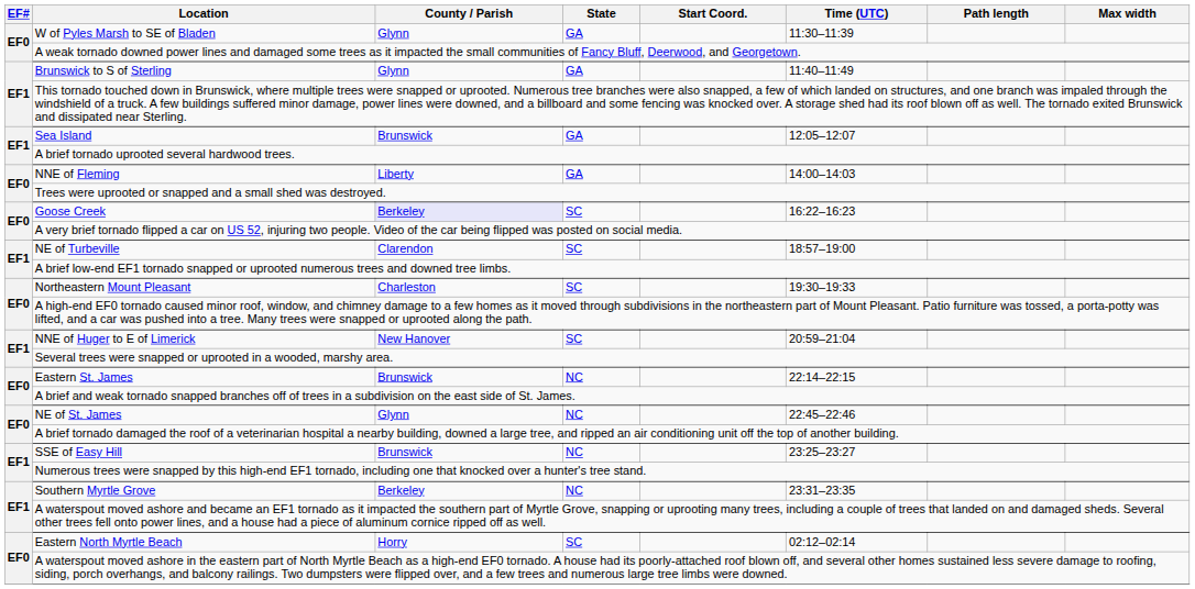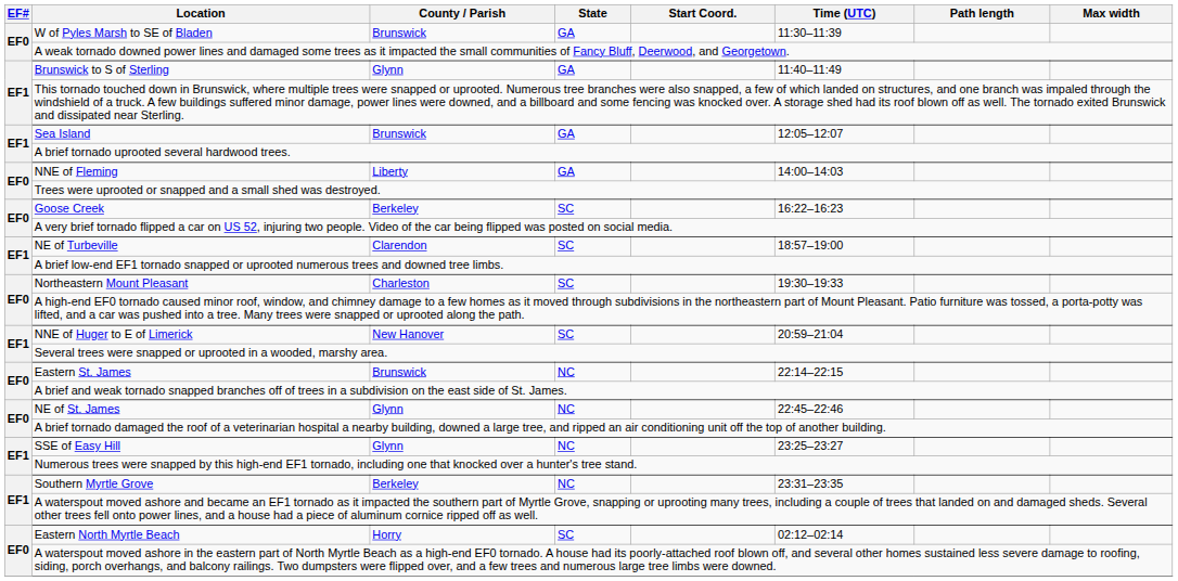 <table class="wikitable sortable" style="width:100%;">
 <tr>
 <th scope="col" width="2%" align="center"><a href='#'>EF#</a></th>
 <th scope="col" align="center" class="unsortable">Location</th>
 <th scope="col" align="center" class="unsortable">County / Parish</th>
 <th scope="col" align="center">State</th>
 <th scope="col" align="center">Start Coord.</th>
 <th scope="col" align="center">Time (<a href='#'>UTC</a>)</th>
 <th scope="col" align="center">Path length</th>
 <th scope="col" align="center">Max width</th>
 </tr>
 <tr>
 <th scope="row" rowspan="2" style="background-color:#">EF0</th>
 <td>W of <a href='#'>Pyles Marsh</a> to SE of <a href='#'>Bladen</a></td>
-<td><a href='#'>Glynn</a></td>
+<td><a href='#'>Brunswick</a></td>
 <td><a href='#'>GA</a></td>
 <td></td>
 <td>11:30–11:39</td>
 <td></td>
 <td></td>
 </tr>
 <tr class="expand-child">
 <td colspan="8" style=" border-bottom: 1px solid black;">A weak tornado downed power lines and damaged some trees as it impacted the small communities of <a href='#'>Fancy Bluff</a>, <a href='#'>Deerwood</a>, and <a href='#'>Georgetown</a>.</td>
 </tr>
 <tr>
 <th scope="row" rowspan="2" style="background-color:#">EF1</th>
 <td><a href='#'>Brunswick</a> to S of <a href='#'>Sterling</a></td>
 <td><a href='#'>Glynn</a></td>
 <td><a href='#'>GA</a></td>
 <td></td>
 <td>11:40–11:49</td>
 <td></td>
 <td></td>
 </tr>
 <tr class="expand-child">
 <td colspan="8" style=" border-bottom: 1px solid black;">This tornado touched down in Brunswick, where multiple trees were snapped or uprooted. Numerous tree branches were also snapped, a few of which landed on structures, and one branch was impaled through the windshield of a truck. A few buildings suffered minor damage, power lines were downed, and a billboard and some fencing was knocked over. A storage shed had its roof blown off as well. The tornado exited Brunswick and dissipated near Sterling.</td>
 </tr>
 <tr>
 <th scope="row" rowspan="2" style="background-color:#">EF1</th>
 <td><a href='#'>Sea Island</a></td>
 <td><a href='#'>Brunswick</a></td>
 <td><a href='#'>GA</a></td>
 <td></td>
 <td>12:05–12:07</td>
 <td></td>
 <td></td>
 </tr>
 <tr class="expand-child">
 <td colspan="8" style=" border-bottom: 1px solid black;">A brief tornado uprooted several hardwood trees.</td>
 </tr>
 <tr>
 <th scope="row" rowspan="2" style="background-color:#">EF0</th>
 <td>NNE of <a href='#'>Fleming</a></td>
 <td><a href='#'>Liberty</a></td>
 <td><a href='#'>GA</a></td>
 <td></td>
 <td>14:00–14:03</td>
 <td></td>
 <td></td>
 </tr>
 <tr class="expand-child">
 <td colspan="8" style=" border-bottom: 1px solid black;">Trees were uprooted or snapped and a small shed was destroyed.</td>
 </tr>
 <tr>
 <th scope="row" rowspan="2" style="background-color:#">EF0</th>
 <td><a href='#'>Goose Creek</a></td>
-<td style="background: lavender;"><a href='#'>Berkeley</a></td>
+<td><a href='#'>Berkeley</a></td>
 <td><a href='#'>SC</a></td>
 <td></td>
 <td>16:22–16:23</td>
 <td></td>
 <td></td>
 </tr>
 <tr class="expand-child">
 <td colspan="8" style=" border-bottom: 1px solid black;">A very brief tornado flipped a car on <a href='#'>US 52</a>, injuring two people. Video of the car being flipped was posted on social media.</td>
 </tr>
 <tr>
 <th scope="row" rowspan="2" style="background-color:#">EF1</th>
 <td>NE of <a href='#'>Turbeville</a></td>
 <td><a href='#'>Clarendon</a></td>
 <td><a href='#'>SC</a></td>
 <td></td>
 <td>18:57–19:00</td>
 <td></td>
 <td></td>
 </tr>
 <tr class="expand-child">
 <td colspan="8" style=" border-bottom: 1px solid black;">A brief low-end EF1 tornado snapped or uprooted numerous trees and downed tree limbs.</td>
 </tr>
 <tr>
 <th scope="row" rowspan="2" style="background-color:#">EF0</th>
 <td>Northeastern <a href='#'>Mount Pleasant</a></td>
 <td><a href='#'>Charleston</a></td>
 <td><a href='#'>SC</a></td>
 <td></td>
 <td>19:30–19:33</td>
 <td></td>
 <td></td>
 </tr>
 <tr class="expand-child">
 <td colspan="8" style=" border-bottom: 1px solid black;">A high-end EF0 tornado caused minor roof, window, and chimney damage to a few homes as it moved through subdivisions in the northeastern part of Mount Pleasant. Patio furniture was tossed, a porta-potty was lifted, and a car was pushed into a tree. Many trees were snapped or uprooted along the path.</td>
 </tr>
 <tr>
 <th scope="row" rowspan="2" style="background-color:#">EF1</th>
 <td>NNE of <a href='#'>Huger</a> to E of <a href='#'>Limerick</a></td>
 <td><a href='#'>New Hanover</a></td>
 <td><a href='#'>SC</a></td>
 <td></td>
 <td>20:59–21:04</td>
 <td></td>
 <td></td>
 </tr>
 <tr class="expand-child">
 <td colspan="8" style=" border-bottom: 1px solid black;">Several trees were snapped or uprooted in a wooded, marshy area.</td>
 </tr>
 <tr>
 <th scope="row" rowspan="2" style="background-color:#">EF0</th>
 <td>Eastern <a href='#'>St. James</a></td>
 <td><a href='#'>Brunswick</a></td>
 <td><a href='#'>NC</a></td>
 <td></td>
 <td>22:14–22:15</td>
 <td></td>
 <td></td>
 </tr>
 <tr class="expand-child">
 <td colspan="8" style=" border-bottom: 1px solid black;">A brief and weak tornado snapped branches off of trees in a subdivision on the east side of St. James.</td>
 </tr>
 <tr>
 <th scope="row" rowspan="2" style="background-color:#">EF0</th>
 <td>NE of <a href='#'>St. James</a></td>
 <td><a href='#'>Glynn</a></td>
 <td><a href='#'>NC</a></td>
 <td></td>
 <td>22:45–22:46</td>
 <td></td>
 <td></td>
 </tr>
 <tr class="expand-child">
 <td colspan="8" style=" border-bottom: 1px solid black;">A brief tornado damaged the roof of a veterinarian hospital a nearby building, downed a large tree, and ripped an air conditioning unit off the top of another building.</td>
 </tr>
 <tr>
 <th scope="row" rowspan="2" style="background-color:#">EF1</th>
 <td>SSE of <a href='#'>Easy Hill</a></td>
-<td><a href='#'>Brunswick</a></td>
+<td><a href='#'>Glynn</a></td>
 <td><a href='#'>NC</a></td>
 <td></td>
 <td>23:25–23:27</td>
 <td></td>
 <td></td>
 </tr>
 <tr class="expand-child">
 <td colspan="8" style=" border-bottom: 1px solid black;">Numerous trees were snapped by this high-end EF1 tornado, including one that knocked over a hunter's tree stand.</td>
 </tr>
 <tr>
 <th scope="row" rowspan="2" style="background-color:#">EF1</th>
 <td>Southern <a href='#'>Myrtle Grove</a></td>
 <td><a href='#'>Berkeley</a></td>
 <td><a href='#'>NC</a></td>
 <td></td>
 <td>23:31–23:35</td>
 <td></td>
 <td></td>
 </tr>
 <tr class="expand-child">
 <td colspan="8" style=" border-bottom: 1px solid black;">A waterspout moved ashore and became an EF1 tornado as it impacted the southern part of Myrtle Grove, snapping or uprooting many trees, including a couple of trees that landed on and damaged sheds. Several other trees fell onto power lines, and a house had a piece of aluminum cornice ripped off as well.</td>
 </tr>
 <tr>
 <th scope="row" rowspan="2" style="background-color:#">EF0</th>
 <td>Eastern <a href='#'>North Myrtle Beach</a></td>
 <td><a href='#'>Horry</a></td>
 <td><a href='#'>SC</a></td>
 <td></td>
 <td>02:12–02:14</td>
 <td></td>
 <td></td>
 </tr>
 <tr class="expand-child">
 <td colspan="8" style=" border-bottom: 1px solid black;">A waterspout moved ashore in the eastern part of North Myrtle Beach as a high-end EF0 tornado. A house had its poorly-attached roof blown off, and several other homes sustained less severe damage to roofing, siding, porch overhangs, and balcony railings. Two dumpsters were flipped over, and a few trees and numerous large tree limbs were downed.</td>
 </tr>
 <tr>
 </tr>
 </table>
